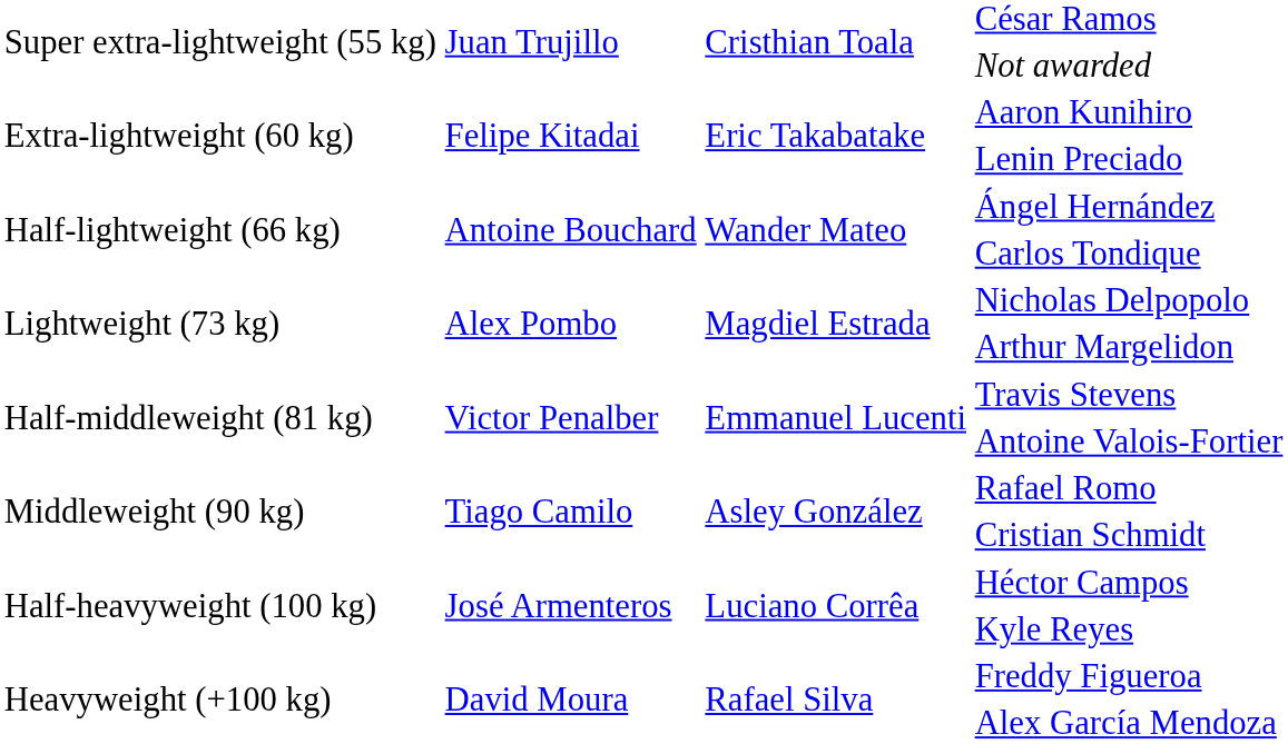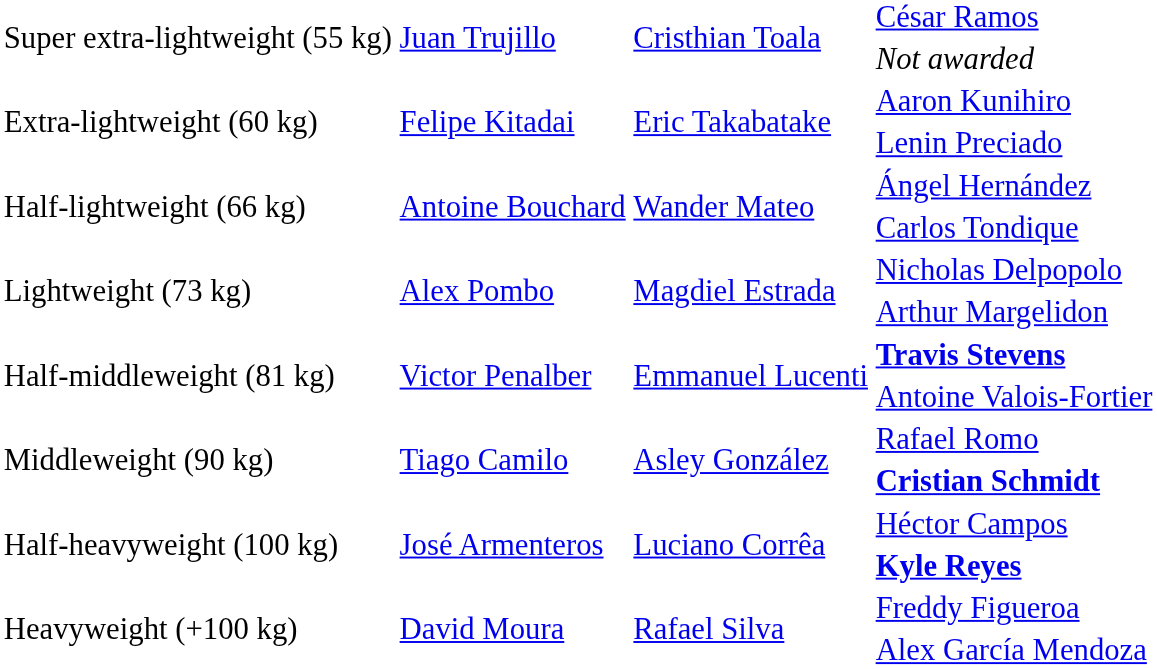 <table>
 <tr>
 <td rowspan=2>Super extra-lightweight (55 kg)</td>
 <td rowspan=2><a href='#'>Juan Trujillo</a><br> </td>
 <td rowspan=2><a href='#'>Cristhian Toala</a> <br> </td>
 <td><a href='#'>César Ramos</a> <br> </td>
 </tr>
 <tr>
 <td><em>Not awarded</em></td>
 </tr>
 <tr>
 <td rowspan=2>Extra-lightweight (60 kg)</td>
 <td rowspan=2><a href='#'>Felipe Kitadai</a><br> </td>
 <td rowspan=2><a href='#'>Eric Takabatake</a><br> </td>
 <td><a href='#'>Aaron Kunihiro</a><br> </td>
 </tr>
 <tr>
 <td><a href='#'>Lenin Preciado</a><br> </td>
 </tr>
 <tr>
 <td rowspan=2>Half-lightweight (66 kg)</td>
 <td rowspan=2><a href='#'>Antoine Bouchard</a><br> </td>
 <td rowspan=2><a href='#'>Wander Mateo</a> <br> </td>
 <td><a href='#'>Ángel Hernández</a> <br> </td>
 </tr>
 <tr>
 <td><a href='#'>Carlos Tondique</a> <br> </td>
 </tr>
 <tr>
 <td rowspan=2>Lightweight (73 kg)</td>
 <td rowspan=2><a href='#'>Alex Pombo</a> <br> </td>
 <td rowspan=2><a href='#'>Magdiel Estrada</a> <br> </td>
 <td><a href='#'>Nicholas Delpopolo</a> <br> </td>
 </tr>
 <tr>
 <td><a href='#'>Arthur Margelidon</a> <br> </td>
 </tr>
 <tr>
 <td rowspan=2>Half-middleweight (81 kg)</td>
 <td rowspan=2><a href='#'>Victor Penalber</a><br> </td>
 <td rowspan=2><a href='#'>Emmanuel Lucenti</a> <br> </td>
-<td><a href='#'>Travis Stevens</a> <br> </td>
+<td><strong><a href='#'>Travis Stevens</a> <br> </strong></td>
 </tr>
 <tr>
 <td><a href='#'>Antoine Valois-Fortier</a> <br> </td>
 </tr>
 <tr>
 <td rowspan=2>Middleweight (90 kg)</td>
 <td rowspan=2><a href='#'>Tiago Camilo</a><br></td>
 <td rowspan=2><a href='#'>Asley González</a><br></td>
 <td><a href='#'>Rafael Romo</a><br> </td>
 </tr>
 <tr>
-<td><a href='#'>Cristian Schmidt</a> <br> </td>
+<td><strong><a href='#'>Cristian Schmidt</a> <br> </strong></td>
 </tr>
 <tr>
 <td rowspan=2>Half-heavyweight (100 kg)</td>
 <td rowspan=2><a href='#'>José Armenteros</a><br></td>
 <td rowspan=2><a href='#'>Luciano Corrêa</a><br></td>
 <td><a href='#'>Héctor Campos</a><br> </td>
 </tr>
 <tr>
-<td><a href='#'>Kyle Reyes</a> <br> </td>
+<td><strong><a href='#'>Kyle Reyes</a> <br> </strong></td>
 </tr>
 <tr>
 <td rowspan=2>Heavyweight (+100 kg)</td>
 <td rowspan=2><a href='#'>David Moura</a><br></td>
 <td rowspan=2><a href='#'>Rafael Silva</a><br></td>
 <td><a href='#'>Freddy Figueroa</a> <br> </td>
 </tr>
 <tr>
 <td><a href='#'>Alex García Mendoza</a><br> </td>
 </tr>
 </table>
